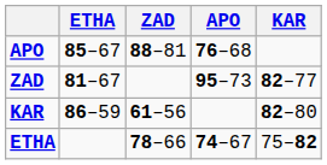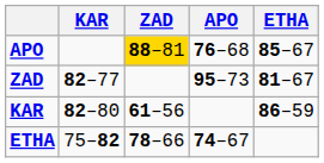 <table class="wikitable">
 <tr>
 <th></th>
-<th> <a href='#'>ETHA</a></th>
+<th> <a href='#'>KAR</a></th>
 <th> <a href='#'>ZAD</a></th>
 <th> <a href='#'>APO</a></th>
-<th> <a href='#'>KAR</a></th>
+<th> <a href='#'>ETHA</a></th>
 </tr>
 <tr>
 <td> <a href='#'><strong>APO</strong></a></td>
+<td></td>
+<td style="background: gold;"><strong>88</strong>–81</td>
+<td><strong>76</strong>–68</td>
 <td><strong>85</strong>–67</td>
-<td><strong>88</strong>–81</td>
-<td><strong>76</strong>–68</td>
-<td></td>
 </tr>
 <tr>
 <td> <a href='#'><strong>ZAD</strong></a></td>
-<td><strong>81</strong>–67</td>
+<td><strong>82</strong>–77</td>
 <td></td>
 <td><strong>95</strong>–73</td>
-<td><strong>82</strong>–77</td>
+<td><strong>81</strong>–67</td>
 </tr>
 <tr>
 <td> <a href='#'><strong>KAR</strong></a></td>
-<td><strong>86</strong>–59</td>
+<td><strong>82</strong>–80</td>
 <td><strong>61</strong>–56</td>
 <td></td>
-<td><strong>82</strong>–80</td>
+<td><strong>86</strong>–59</td>
 </tr>
 <tr>
 <td> <a href='#'><strong>ETHA</strong></a></td>
-<td></td>
+<td>75–<strong>82</strong></td>
 <td><strong>78</strong>–66</td>
 <td><strong>74</strong>–67</td>
-<td>75–<strong>82</strong></td>
+<td></td>
 </tr>
 </table>
